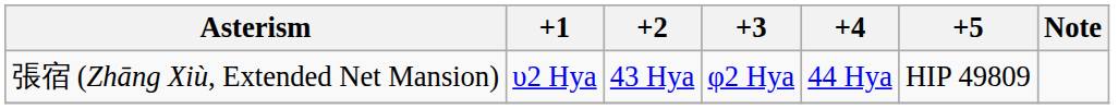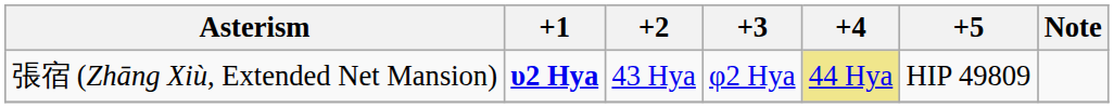 <table class = "wikitable">
 <tr>
 <th>Asterism</th>
 <th>+1</th>
 <th>+2</th>
 <th>+3</th>
 <th>+4</th>
 <th>+5</th>
 <th>Note</th>
 </tr>
 <tr>
 <td>張宿 (<em>Zhāng Xiù</em>, Extended Net Mansion)</td>
-<td><a href='#'>υ2 Hya</a></td>
+<td><strong><a href='#'>υ2 Hya</a></strong></td>
 <td><a href='#'>43 Hya</a></td>
 <td><a href='#'>φ2 Hya</a></td>
-<td><a href='#'>44 Hya</a></td>
+<td style="background: khaki;"><a href='#'>44 Hya</a></td>
 <td>HIP 49809</td>
 <td></td>
 </tr>
 <tr>
 </tr>
 </table>
